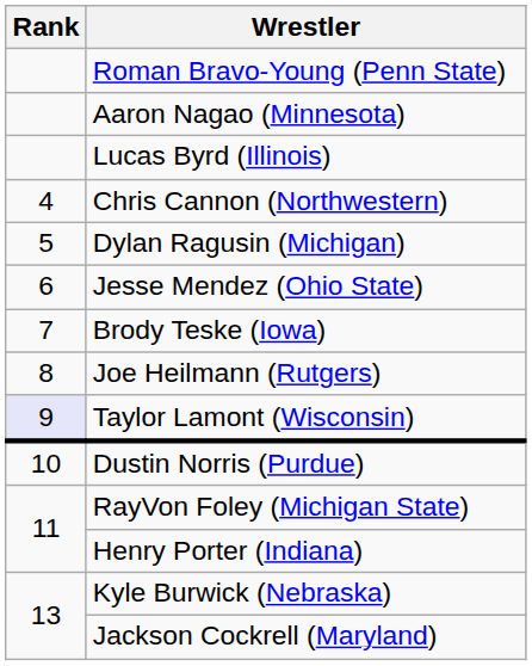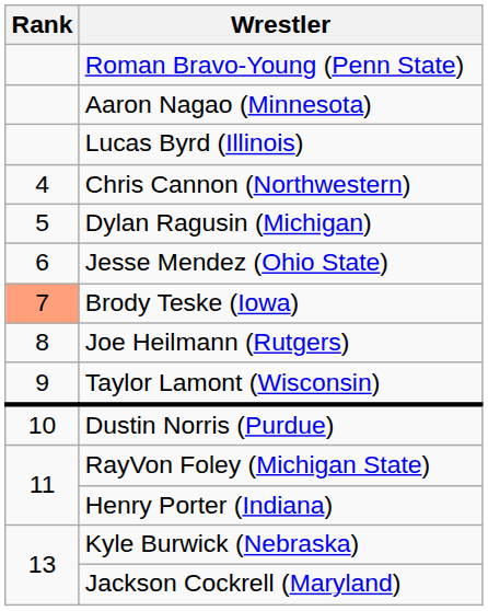 <table class="wikitable" style="text-align: center;">
 <tr>
 <th width="40">Rank</th>
 <th width="250">Wrestler</th>
 </tr>
 <tr>
 <td></td>
 <td align="left"><a href='#'>Roman Bravo-Young</a> (<a href='#'>Penn State</a>)</td>
 </tr>
 <tr>
 <td></td>
 <td align="left">Aaron Nagao (<a href='#'>Minnesota</a>)</td>
 </tr>
 <tr>
 <td></td>
 <td align="left">Lucas Byrd (<a href='#'>Illinois</a>)</td>
 </tr>
 <tr>
 <td>4</td>
 <td align="left">Chris Cannon (<a href='#'>Northwestern</a>)</td>
 </tr>
 <tr>
 <td>5</td>
 <td align="left">Dylan Ragusin (<a href='#'>Michigan</a>)</td>
 </tr>
 <tr>
 <td>6</td>
 <td align="left">Jesse Mendez (<a href='#'>Ohio State</a>)</td>
 </tr>
 <tr>
-<td>7</td>
+<td style="background: lightsalmon;">7</td>
 <td align="left">Brody Teske (<a href='#'>Iowa</a>)</td>
 </tr>
 <tr>
 <td>8</td>
 <td align="left">Joe Heilmann (<a href='#'>Rutgers</a>)</td>
 </tr>
 <tr>
-<td style="background: lavender;">9</td>
+<td>9</td>
 <td align="left">Taylor Lamont (<a href='#'>Wisconsin</a>)</td>
 </tr>
 <tr style="border-top:3px solid black">
 <td>10</td>
 <td align="left">Dustin Norris (<a href='#'>Purdue</a>)</td>
 </tr>
 <tr>
 <td rowspan="2">11</td>
 <td align="left">RayVon Foley (<a href='#'>Michigan State</a>)</td>
 </tr>
 <tr>
 <td align="left">Henry Porter (<a href='#'>Indiana</a>)</td>
 </tr>
 <tr>
 <td rowspan="2">13</td>
 <td align="left">Kyle Burwick (<a href='#'>Nebraska</a>)</td>
 </tr>
 <tr>
 <td align="left">Jackson Cockrell (<a href='#'>Maryland</a>)</td>
 </tr>
 </table>
